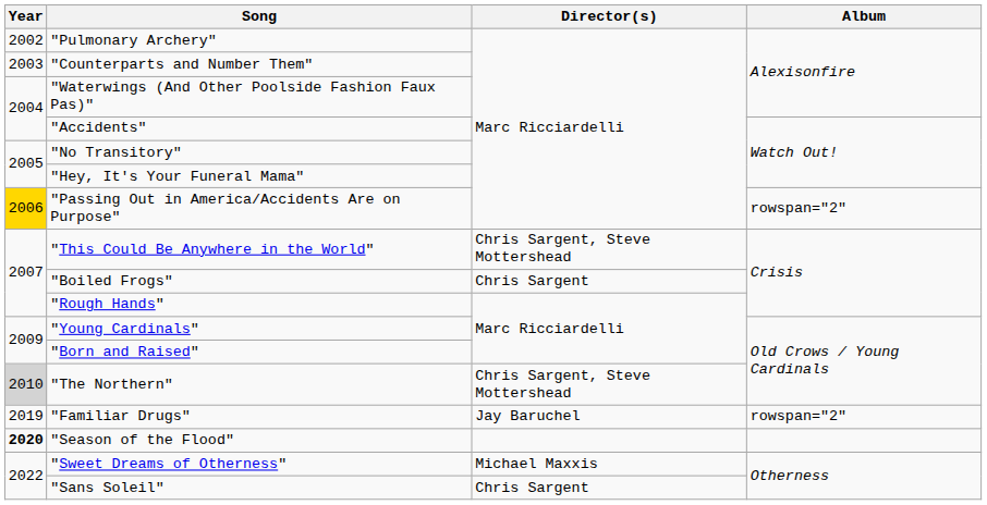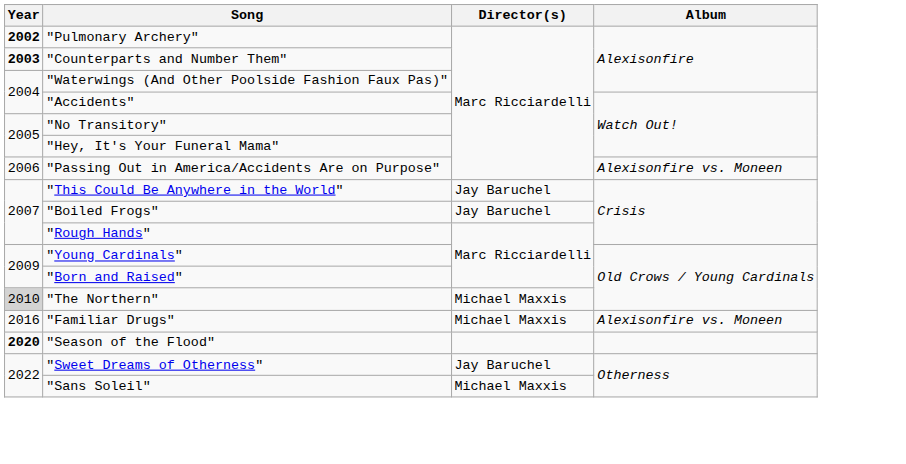 <table class="wikitable">
 <tr>
 <th>Year</th>
 <th>Song</th>
 <th>Director(s)</th>
 <th>Album</th>
 </tr>
 <tr>
-<td>2002</td>
+<td><strong>2002</strong></td>
 <td>"Pulmonary Archery"</td>
 <td rowspan="7">Marc Ricciardelli</td>
 <td rowspan="3"><em>Alexisonfire</em></td>
 </tr>
 <tr>
-<td>2003</td>
+<td><strong>2003</strong></td>
 <td>"Counterparts and Number Them"</td>
 </tr>
 <tr>
 <td rowspan="2">2004</td>
 <td>"Waterwings (And Other Poolside Fashion Faux Pas)"</td>
 </tr>
 <tr>
 <td>"Accidents"</td>
 <td rowspan="3"><em>Watch Out!</em></td>
 </tr>
 <tr>
 <td rowspan="2">2005</td>
 <td>"No Transitory"</td>
 </tr>
 <tr>
 <td>"Hey, It's Your Funeral Mama"</td>
 </tr>
 <tr>
-<td style="background: gold;">2006</td>
+<td>2006</td>
 <td>"Passing Out in America/Accidents Are on Purpose"</td>
-<td>rowspan="2" </td>
+<td><em>Alexisonfire vs. Moneen</em></td>
 </tr>
 <tr>
 <td rowspan="3">2007</td>
 <td>"<a href='#'>This Could Be Anywhere in the World</a>"</td>
-<td>Chris Sargent, Steve Mottershead</td>
+<td>Jay Baruchel</td>
 <td rowspan="3"><em>Crisis</em></td>
 </tr>
 <tr>
 <td>"Boiled Frogs"</td>
-<td>Chris Sargent</td>
+<td>Jay Baruchel</td>
 </tr>
 <tr>
 <td>"<a href='#'>Rough Hands</a>"</td>
 <td rowspan="3">Marc Ricciardelli</td>
 </tr>
 <tr>
 <td rowspan="2">2009</td>
 <td>"<a href='#'>Young Cardinals</a>"</td>
 <td rowspan="3"><em>Old Crows / Young Cardinals</em></td>
 </tr>
 <tr>
 <td>"<a href='#'>Born and Raised</a>"</td>
 </tr>
 <tr>
 <td style="background: lightgrey;">2010</td>
 <td>"The Northern"</td>
-<td>Chris Sargent, Steve Mottershead</td>
+<td>Michael Maxxis</td>
 </tr>
 <tr>
-<td>2019</td>
+<td>2016</td>
 <td>"Familiar Drugs"</td>
-<td>Jay Baruchel</td>
-<td>rowspan="2" </td>
+<td>Michael Maxxis</td>
+<td><em>Alexisonfire vs. Moneen</em></td>
 </tr>
 <tr>
 <td><strong>2020</strong></td>
 <td>"Season of the Flood"</td>
 <td></td>
 </tr>
 <tr>
 <td rowspan="2">2022</td>
 <td>"<a href='#'>Sweet Dreams of Otherness</a>"</td>
-<td>Michael Maxxis</td>
+<td>Jay Baruchel</td>
 <td rowspan="2"><em>Otherness</em></td>
 </tr>
 <tr>
 <td>"Sans Soleil"</td>
-<td>Chris Sargent</td>
+<td>Michael Maxxis</td>
 </tr>
 </table>
